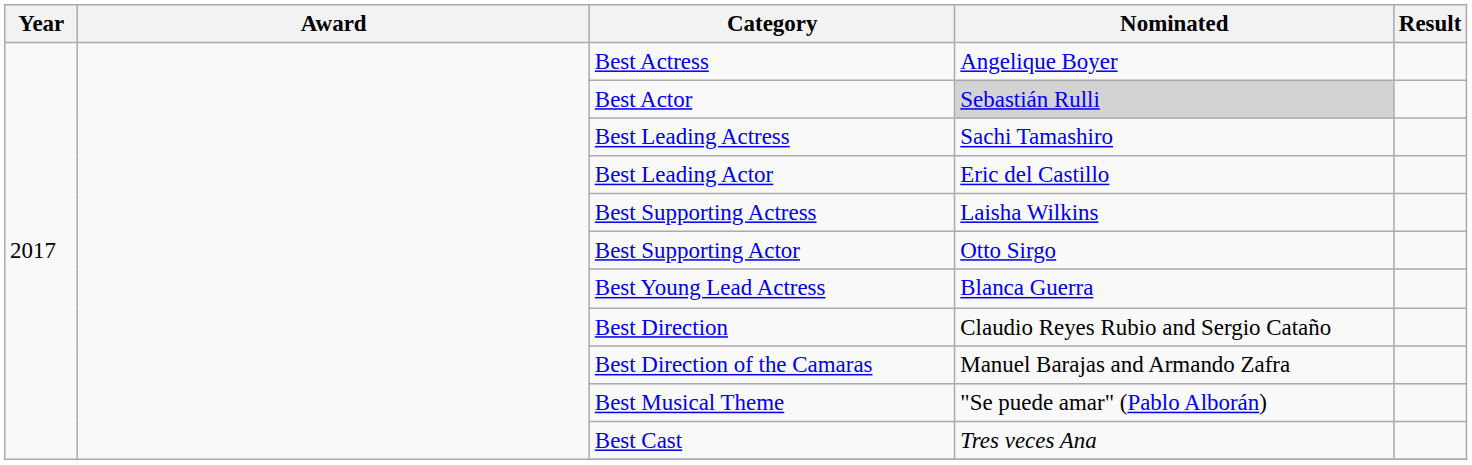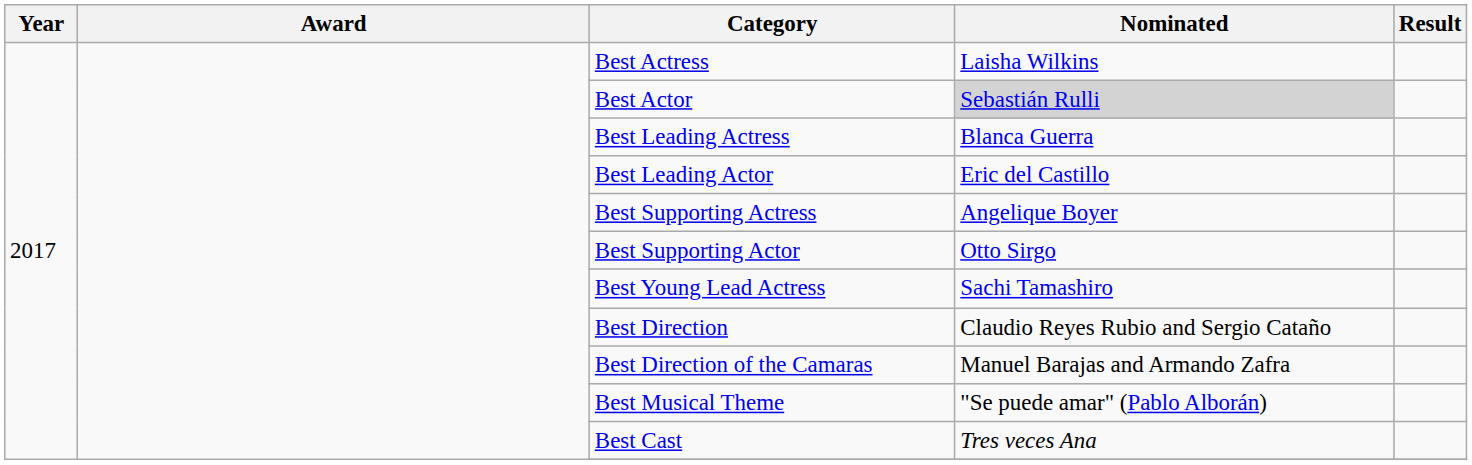 <table class="wikitable" style="font-size: 95%;">
 <tr align="center">
 <th>Year</th>
 <th width=35%>Award</th>
 <th width=25%>Category</th>
 <th width=30%>Nominated</th>
 <th width=5%>Result</th>
 </tr>
 <tr>
 <td rowspan="22">2017</td>
 <td rowspan="19"></td>
 <td><a href='#'>Best Actress</a></td>
-<td><a href='#'>Angelique Boyer</a></td>
+<td><a href='#'>Laisha Wilkins</a></td>
 <td></td>
 </tr>
 <tr>
 <td><a href='#'>Best Actor</a></td>
 <td style="background: lightgrey;"><a href='#'>Sebastián Rulli</a></td>
 <td></td>
 </tr>
 <tr>
 <td><a href='#'>Best Leading Actress</a></td>
-<td><a href='#'>Sachi Tamashiro</a></td>
+<td><a href='#'>Blanca Guerra</a></td>
 <td></td>
 </tr>
 <tr>
 <td><a href='#'>Best Leading Actor</a></td>
 <td><a href='#'>Eric del Castillo</a></td>
 <td></td>
 </tr>
 <tr>
 <td><a href='#'>Best Supporting Actress</a></td>
-<td><a href='#'>Laisha Wilkins</a></td>
+<td><a href='#'>Angelique Boyer</a></td>
 <td></td>
 </tr>
 <tr>
 <td><a href='#'>Best Supporting Actor</a></td>
 <td><a href='#'>Otto Sirgo</a></td>
 <td></td>
 </tr>
 <tr>
 <td><a href='#'>Best Young Lead Actress</a></td>
-<td><a href='#'>Blanca Guerra</a></td>
+<td><a href='#'>Sachi Tamashiro</a></td>
 <td></td>
 </tr>
 <tr>
 <td><a href='#'>Best Direction</a></td>
 <td>Claudio Reyes Rubio and Sergio Cataño</td>
 <td></td>
 </tr>
 <tr>
 <td><a href='#'>Best Direction of the Camaras</a></td>
 <td>Manuel Barajas and Armando Zafra</td>
 <td></td>
 </tr>
 <tr>
 <td><a href='#'>Best Musical Theme</a></td>
 <td>"Se puede amar" (<a href='#'>Pablo Alborán</a>)</td>
 <td></td>
 </tr>
 <tr>
 <td><a href='#'>Best Cast</a></td>
 <td><em>Tres veces Ana</em></td>
 <td></td>
 </tr>
 <tr>
 </tr>
 </table>
